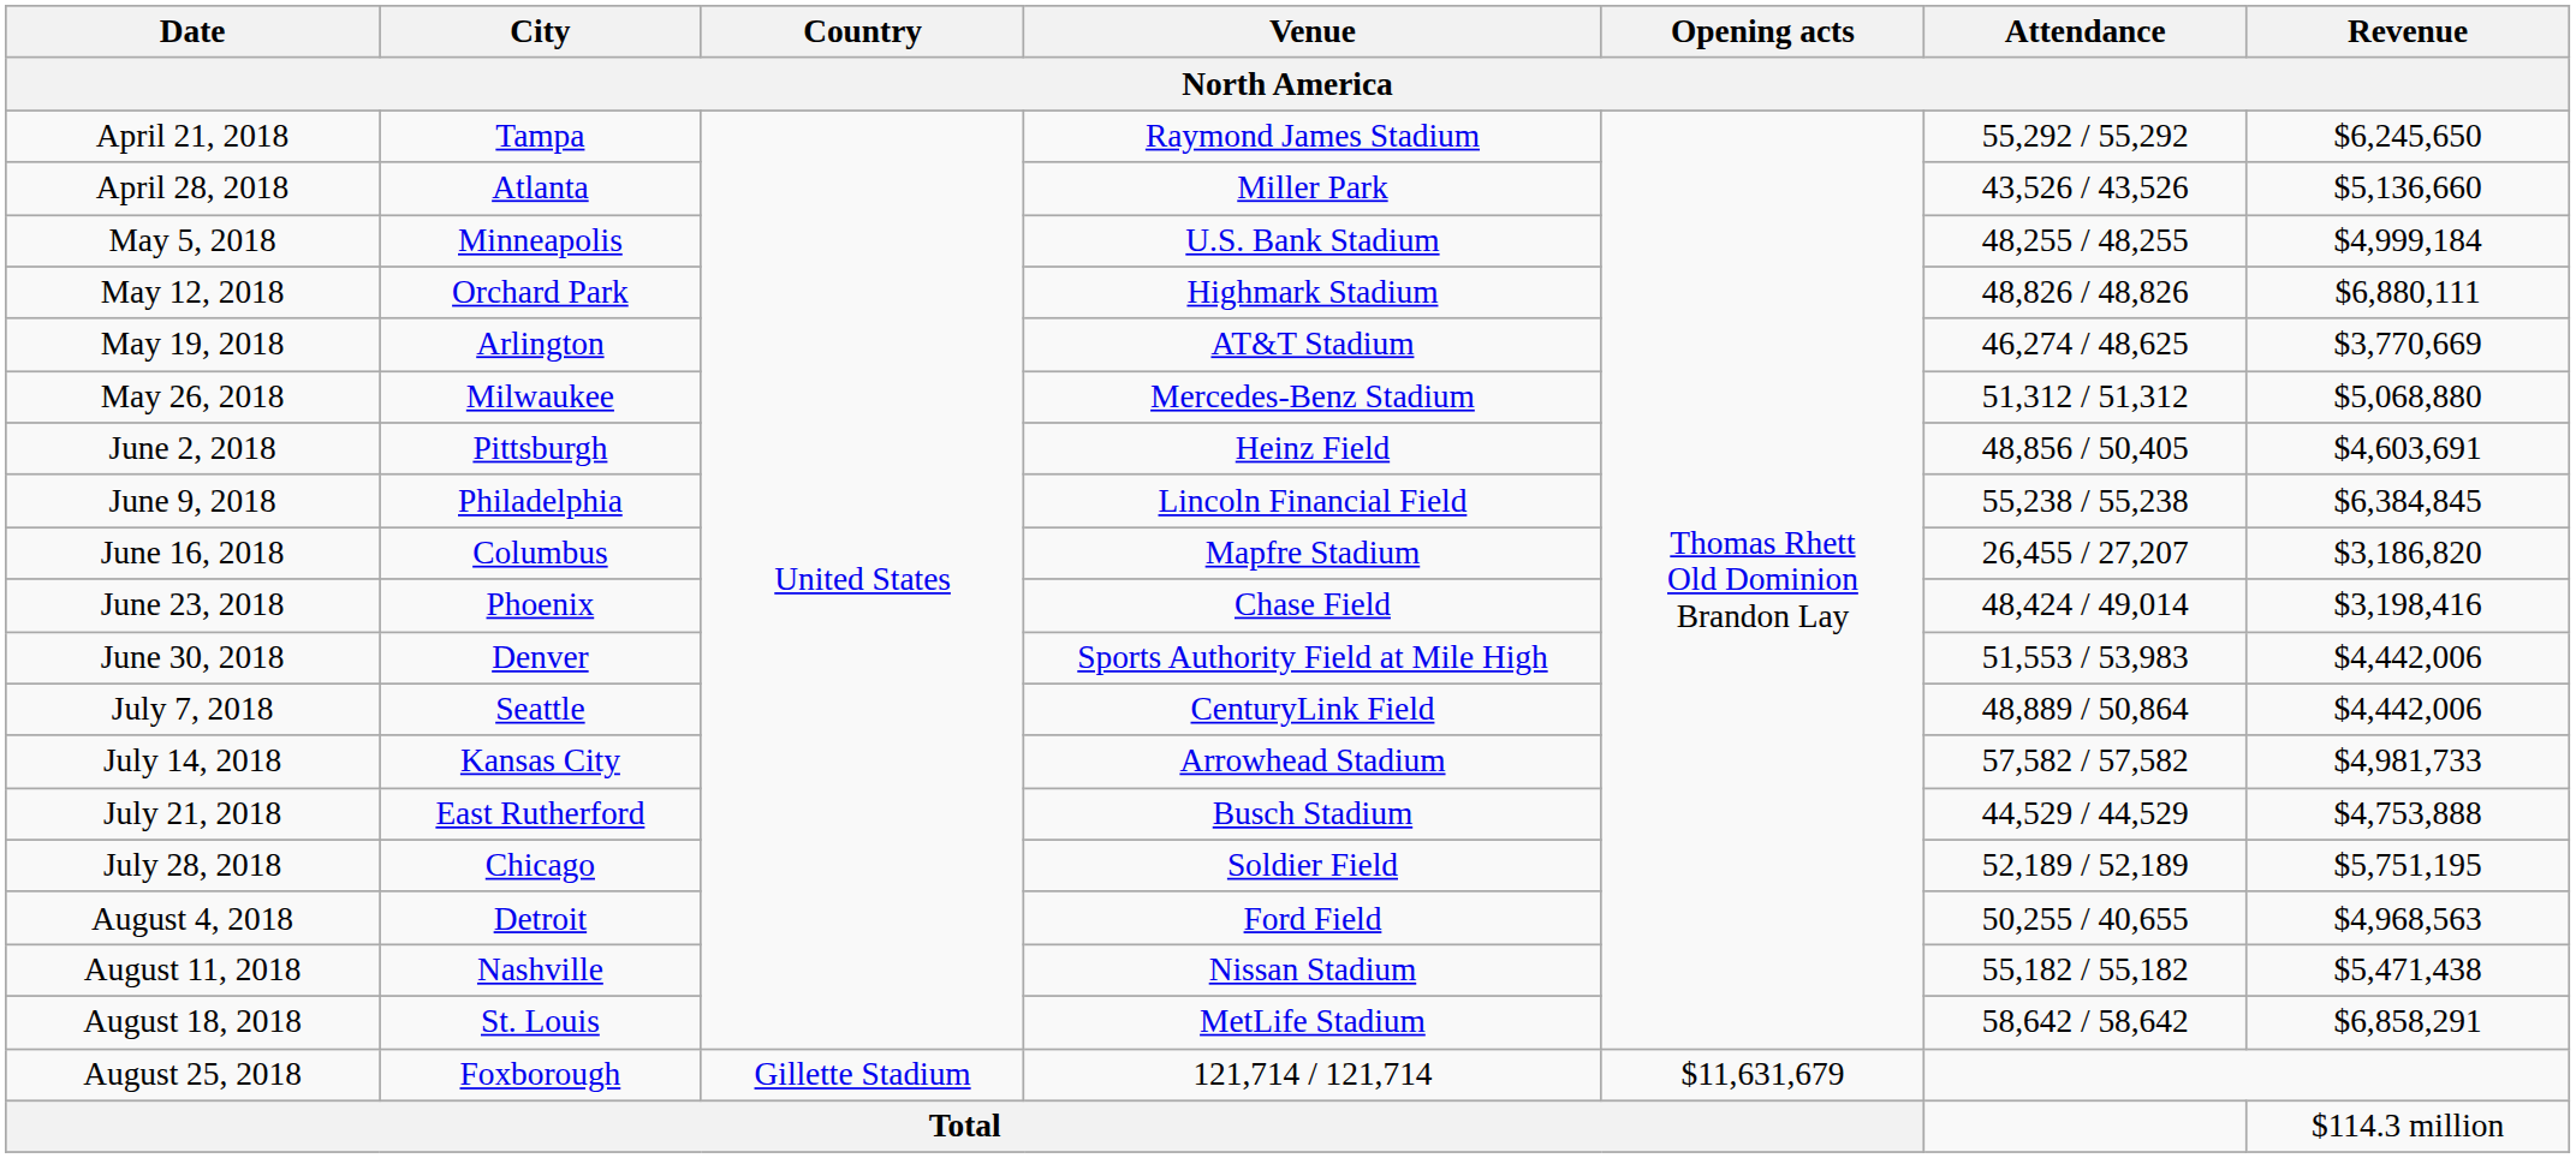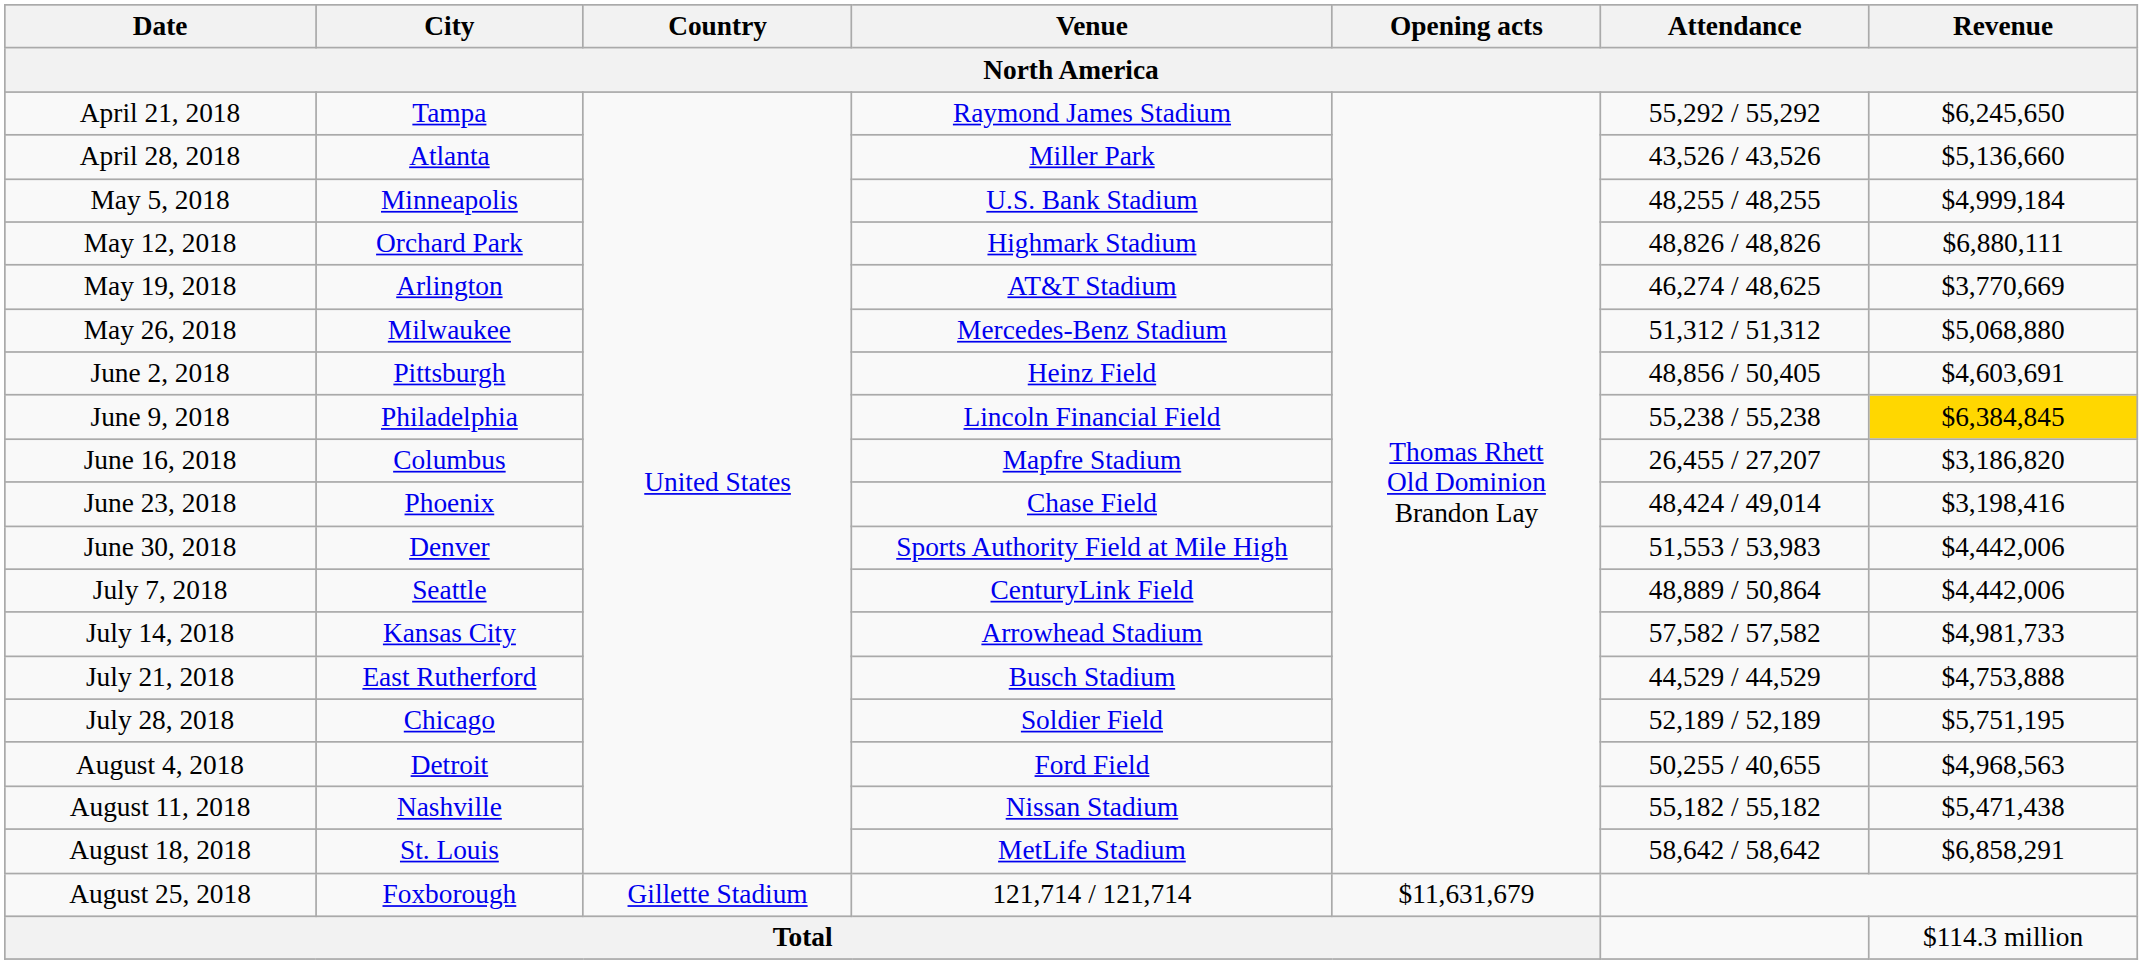 <table class="wikitable" style="text-align:center;">
 <tr>
 <th style="width:175px;">Date</th>
 <th style="width:150px;">City</th>
 <th style="width:150px;">Country</th>
 <th style="width:275px;">Venue</th>
 <th style="width:150px;">Opening acts</th>
 <th style="width:150px;">Attendance</th>
 <th style="width:150px;">Revenue</th>
 </tr>
 <tr>
 <th colspan="7">North America</th>
 </tr>
 <tr>
 <td>April 21, 2018</td>
 <td><a href='#'>Tampa</a></td>
 <td rowspan="18"><a href='#'>United States </a></td>
 <td><a href='#'>Raymond James Stadium</a></td>
 <td rowspan="18"><a href='#'>Thomas Rhett</a><br><a href='#'>Old Dominion</a><br>Brandon Lay</td>
 <td>55,292 / 55,292</td>
 <td>$6,245,650</td>
 </tr>
 <tr>
 <td>April 28, 2018</td>
 <td><a href='#'>Atlanta</a></td>
 <td><a href='#'>Miller Park</a></td>
 <td>43,526 / 43,526</td>
 <td>$5,136,660</td>
 </tr>
 <tr>
 <td>May 5, 2018</td>
 <td><a href='#'>Minneapolis</a></td>
 <td><a href='#'>U.S. Bank Stadium</a></td>
 <td>48,255 / 48,255</td>
 <td>$4,999,184</td>
 </tr>
 <tr>
 <td>May 12, 2018</td>
 <td><a href='#'>Orchard Park</a></td>
 <td><a href='#'>Highmark Stadium</a></td>
 <td>48,826 / 48,826</td>
 <td>$6,880,111</td>
 </tr>
 <tr>
 <td>May 19, 2018</td>
 <td><a href='#'>Arlington</a></td>
 <td><a href='#'>AT&T Stadium</a></td>
 <td>46,274 / 48,625</td>
 <td>$3,770,669</td>
 </tr>
 <tr>
 <td>May 26, 2018</td>
 <td><a href='#'>Milwaukee</a></td>
 <td><a href='#'>Mercedes-Benz Stadium</a></td>
 <td>51,312 / 51,312</td>
 <td>$5,068,880</td>
 </tr>
 <tr>
 <td>June 2, 2018</td>
 <td><a href='#'>Pittsburgh</a></td>
 <td><a href='#'>Heinz Field</a></td>
 <td>48,856 / 50,405</td>
 <td>$4,603,691</td>
 </tr>
 <tr>
 <td>June 9, 2018</td>
 <td><a href='#'>Philadelphia</a></td>
 <td><a href='#'>Lincoln Financial Field</a></td>
 <td>55,238 / 55,238</td>
-<td>$6,384,845</td>
+<td style="background: gold;">$6,384,845</td>
 </tr>
 <tr>
 <td>June 16, 2018</td>
 <td><a href='#'>Columbus</a></td>
 <td><a href='#'>Mapfre Stadium</a></td>
 <td>26,455 / 27,207</td>
 <td>$3,186,820</td>
 </tr>
 <tr>
 <td>June 23, 2018</td>
 <td><a href='#'>Phoenix</a></td>
 <td><a href='#'>Chase Field</a></td>
 <td>48,424 / 49,014</td>
 <td>$3,198,416</td>
 </tr>
 <tr>
 <td>June 30, 2018</td>
 <td><a href='#'>Denver</a></td>
 <td><a href='#'>Sports Authority Field at Mile High</a></td>
 <td>51,553 / 53,983</td>
 <td>$4,442,006</td>
 </tr>
 <tr>
 <td>July 7, 2018</td>
 <td><a href='#'>Seattle</a></td>
 <td><a href='#'>CenturyLink Field</a></td>
 <td>48,889 / 50,864</td>
 <td>$4,442,006</td>
 </tr>
 <tr>
 <td>July 14, 2018</td>
 <td><a href='#'>Kansas City</a></td>
 <td><a href='#'>Arrowhead Stadium</a></td>
 <td>57,582 / 57,582</td>
 <td>$4,981,733</td>
 </tr>
 <tr>
 <td>July 21, 2018</td>
 <td><a href='#'>East Rutherford</a></td>
 <td><a href='#'>Busch Stadium</a></td>
 <td>44,529 / 44,529</td>
 <td>$4,753,888</td>
 </tr>
 <tr>
 <td>July 28, 2018</td>
 <td><a href='#'>Chicago</a></td>
 <td><a href='#'>Soldier Field</a></td>
 <td>52,189 / 52,189</td>
 <td>$5,751,195</td>
 </tr>
 <tr>
 <td>August 4, 2018</td>
 <td><a href='#'>Detroit</a></td>
 <td><a href='#'>Ford Field</a></td>
 <td>50,255 / 40,655</td>
 <td>$4,968,563</td>
 </tr>
 <tr>
 <td>August 11, 2018</td>
 <td><a href='#'>Nashville</a></td>
 <td><a href='#'>Nissan Stadium</a></td>
 <td>55,182 / 55,182</td>
 <td>$5,471,438</td>
 </tr>
 <tr>
 <td>August 18, 2018</td>
 <td><a href='#'>St. Louis</a></td>
 <td><a href='#'>MetLife Stadium</a></td>
 <td>58,642 / 58,642</td>
 <td>$6,858,291</td>
 </tr>
 <tr>
 <td>August 25, 2018</td>
 <td><a href='#'>Foxborough</a></td>
 <td><a href='#'>Gillette Stadium</a></td>
 <td>121,714 / 121,714</td>
 <td>$11,631,679</td>
 </tr>
 <tr>
 <th colspan="5">Total</th>
 <td></td>
 <td>$114.3 million</td>
 </tr>
 </table>
